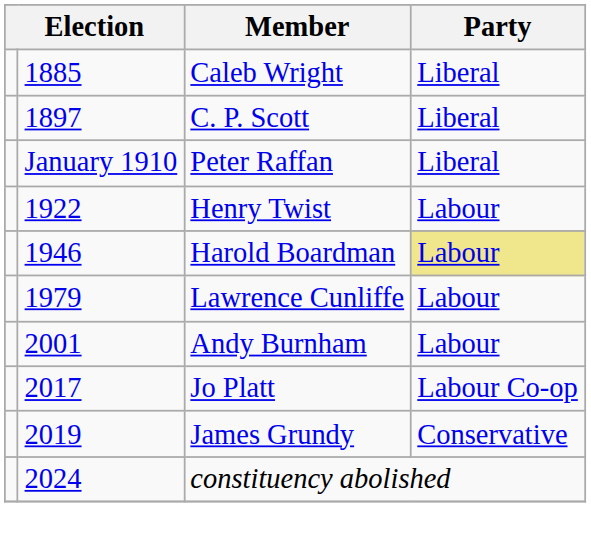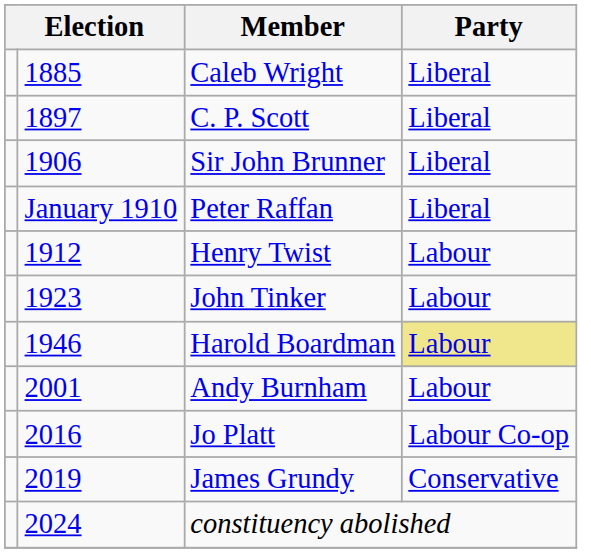 <table class="wikitable">
 <tr>
 <th colspan="2">Election</th>
 <th>Member</th>
 <th>Party</th>
 </tr>
 <tr>
 <td style="color:inherit;background-color: "></td>
 <td><a href='#'>1885</a></td>
 <td><a href='#'>Caleb Wright</a></td>
 <td><a href='#'>Liberal</a></td>
 </tr>
 <tr>
 <td style="color:inherit;background-color: "></td>
 <td><a href='#'>1897</a></td>
 <td><a href='#'>C. P. Scott</a></td>
 <td><a href='#'>Liberal</a></td>
 </tr>
 <tr>
 <td style="color:inherit;background-color: "></td>
+<td><a href='#'>1906</a></td>
+<td><a href='#'>Sir John Brunner</a></td>
+<td><a href='#'>Liberal</a></td>
+</tr>
+<tr>
+<td style="color:inherit;background-color: "></td>
 <td><a href='#'>January 1910</a></td>
 <td><a href='#'>Peter Raffan</a></td>
 <td><a href='#'>Liberal</a></td>
 </tr>
 <tr>
 <td style="color:inherit;background-color: "></td>
-<td><a href='#'>1922</a></td>
+<td><a href='#'>1912</a></td>
 <td><a href='#'>Henry Twist</a></td>
+<td><a href='#'>Labour</a></td>
+</tr>
+<tr>
+<td style="color:inherit;background-color: "></td>
+<td><a href='#'>1923</a></td>
+<td><a href='#'>John Tinker</a></td>
 <td><a href='#'>Labour</a></td>
 </tr>
 <tr>
 <td style="color:inherit;background-color: "></td>
 <td><a href='#'>1946</a></td>
 <td><a href='#'>Harold Boardman</a></td>
 <td style="background: khaki;"><a href='#'>Labour</a></td>
 </tr>
 <tr>
 <td style="color:inherit;background-color: "></td>
-<td><a href='#'>1979</a></td>
-<td><a href='#'>Lawrence Cunliffe</a></td>
-<td><a href='#'>Labour</a></td>
-</tr>
-<tr>
-<td style="color:inherit;background-color: "></td>
 <td><a href='#'>2001</a></td>
 <td><a href='#'>Andy Burnham</a></td>
 <td><a href='#'>Labour</a></td>
 </tr>
 <tr>
 <td style="color:inherit;background-color: "></td>
-<td><a href='#'>2017</a></td>
+<td><a href='#'>2016</a></td>
 <td><a href='#'>Jo Platt</a></td>
 <td><a href='#'>Labour Co-op</a></td>
 </tr>
 <tr>
 <td style="color:inherit;background-color: "></td>
 <td><a href='#'>2019</a></td>
 <td><a href='#'>James Grundy</a></td>
 <td><a href='#'>Conservative</a></td>
 </tr>
 <tr>
 <td></td>
 <td><a href='#'>2024</a></td>
 <td colspan="2"><em>constituency abolished</em></td>
 </tr>
 <tr>
 </tr>
 </table>
